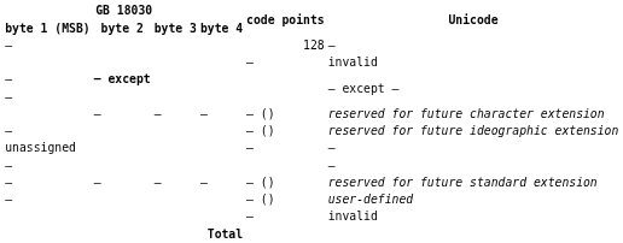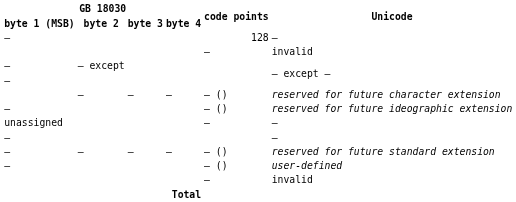 <table>
 <tr>
 <th colspan=4>GB 18030</th>
 <th rowspan=2>code points</th>
 <th rowspan=2>Unicode</th>
 </tr>
 <tr>
 <th>byte 1 (MSB)</th>
 <th>byte 2</th>
 <th>byte 3</th>
 <th>byte 4</th>
 </tr>
 <tr>
 <td> – </td>
 <th colspan=3></th>
 <td style="text-align: right">128</td>
 <td> – </td>
 </tr>
 <tr>
 <td></td>
 <th colspan=3></th>
 <td>—</td>
 <td>invalid</td>
 </tr>
 <tr>
 <td> – </td>
-<td><strong> –  except </strong></td>
+<td> –  except </td>
 <th colspan=2></th>
 <td style="text-align: right"></td>
 <td rowspan=2> –  except  – </td>
 </tr>
 <tr>
 <td> – </td>
 <td rowspan=3> – </td>
 <td rowspan=3> – </td>
 <td rowspan=3> – </td>
 <td style="text-align: right"></td>
 </tr>
 <tr>
 <td></td>
 <td>— ()</td>
 <td><em>reserved for future character extension</em></td>
 </tr>
 <tr>
 <td> – </td>
 <td>— ()</td>
 <td><em>reserved for future ideographic extension</em></td>
 </tr>
 <tr>
 <td colspan=4>unassigned</td>
 <td>—</td>
 <td> – </td>
 </tr>
 <tr>
 <td> – </td>
 <td rowspan=3> – </td>
 <td rowspan=3> – </td>
 <td rowspan=3> – </td>
 <td style="text-align: right"></td>
 <td><code></code> – <code></code></td>
 </tr>
 <tr>
 <td> – </td>
 <td>— ()</td>
 <td><em>reserved for future standard extension</em></td>
 </tr>
 <tr>
 <td> – </td>
 <td>— ()</td>
 <td><em>user-defined</em></td>
 </tr>
 <tr>
 <td></td>
 <th colspan=3></th>
 <td>—</td>
 <td>invalid</td>
 </tr>
 <tr>
 <th colspan=4 style="text-align: right">Total</th>
 <th style="text-align: right"></th>
 <th></th>
 </tr>
 </table>
